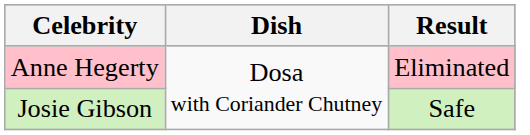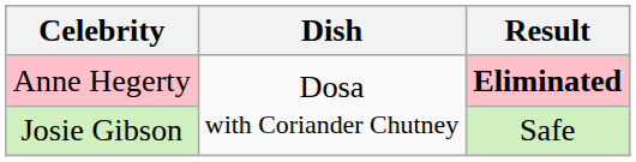 <table class="wikitable" style="text-align:center;">
 <tr>
 <th>Celebrity</th>
 <th>Dish</th>
 <th>Result</th>
 </tr>
 <tr>
 <td style="background:pink;">Anne Hegerty</td>
 <td rowspan="2">Dosa<br><small>with Coriander Chutney</small></td>
-<td style="background:pink;">Eliminated</td>
+<td style="background:pink;"><strong>Eliminated</strong></td>
 </tr>
 <tr>
 <td style="background:#d0f0c0;">Josie Gibson</td>
 <td style="background:#d0f0c0;">Safe</td>
 </tr>
 </table>
